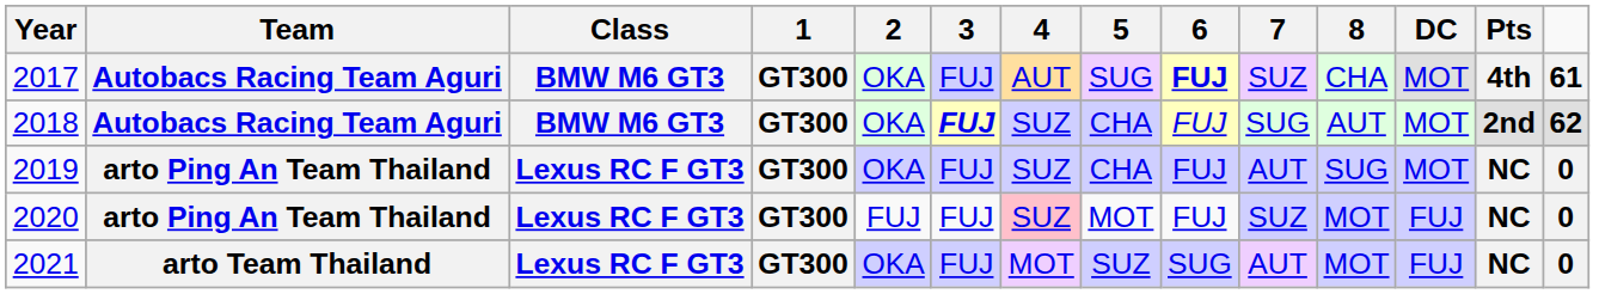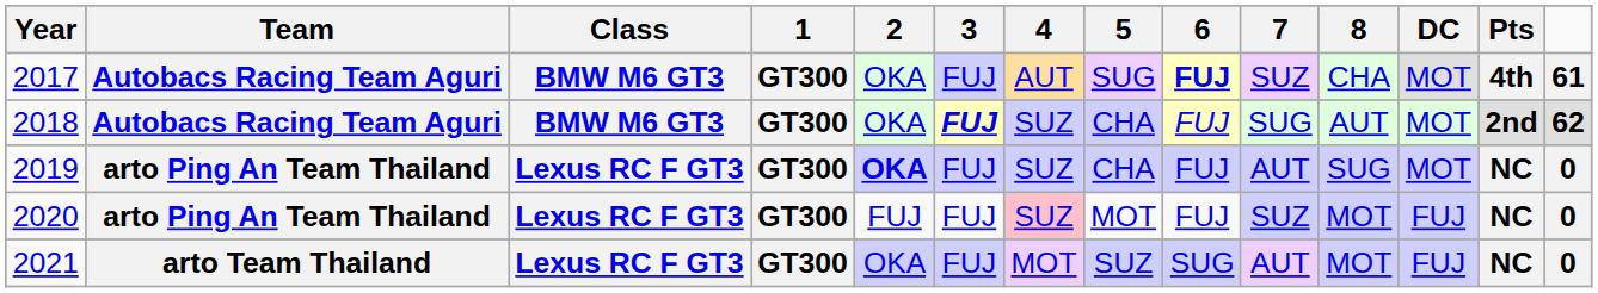 <table class="wikitable" style="text-align:center; font-size:90%">
 <tr>
 <th>Year</th>
 <th>Team</th>
 <th>Class</th>
 <th>1</th>
 <th>2</th>
 <th>3</th>
 <th>4</th>
 <th>5</th>
 <th>6</th>
 <th>7</th>
 <th>8</th>
 <th>DC</th>
 <th>Pts</th>
 </tr>
 <tr>
 <td><a href='#'>2017</a></td>
 <th><a href='#'>Autobacs Racing Team Aguri</a></th>
 <th><a href='#'>BMW M6 GT3</a></th>
 <th>GT300</th>
 <td bgcolor="#DFFFDF"><a href='#'>OKA</a><br></td>
 <td bgcolor="#CFCFFF"><a href='#'>FUJ</a><br></td>
 <td bgcolor="#FFDF9F"><a href='#'>AUT</a><br></td>
 <td bgcolor="#EFCFFF"><a href='#'>SUG</a><br></td>
 <td bgcolor="#FFFFBF"><strong><a href='#'>FUJ</a></strong><br></td>
 <td bgcolor="#EFCFFF"><a href='#'>SUZ</a><br></td>
 <td bgcolor="#DFFFDF"><a href='#'>CHA</a><br></td>
 <td bgcolor="#DFDFDF"><a href='#'>MOT</a><br></td>
 <th>4th</th>
 <th>61</th>
 </tr>
 <tr>
 <td><a href='#'>2018</a></td>
 <th><a href='#'>Autobacs Racing Team Aguri</a></th>
 <th><a href='#'>BMW M6 GT3</a></th>
 <th>GT300</th>
 <td bgcolor="#DFFFDF"><a href='#'>OKA</a><br></td>
 <td bgcolor="#FFFFBF"><strong><em><a href='#'>FUJ</a></em></strong><br></td>
 <td bgcolor="#CFCFFF"><a href='#'>SUZ</a><br></td>
 <td bgcolor="#CFCFFF"><a href='#'>CHA</a><br></td>
 <td bgcolor="#FFFFBF"><em><a href='#'>FUJ</a></em><br></td>
 <td bgcolor="#DFFFDF"><a href='#'>SUG</a><br></td>
 <td bgcolor="#DFFFDF"><a href='#'>AUT</a><br></td>
 <td bgcolor="#DFFFDF"><a href='#'>MOT</a><br></td>
 <td bgcolor="#DFDFDF"><strong>2nd</strong></td>
 <td bgcolor="#DFDFDF"><strong>62</strong></td>
 </tr>
 <tr>
 <td><a href='#'>2019</a></td>
 <th nowrap>arto <a href='#'>Ping An</a> Team Thailand</th>
 <th><a href='#'>Lexus RC F GT3</a></th>
 <th>GT300</th>
-<td bgcolor="#CFCFFF"><a href='#'>OKA</a><br></td>
+<td bgcolor="#CFCFFF"><strong><a href='#'>OKA</a><br></strong></td>
 <td bgcolor="#CFCFFF"><a href='#'>FUJ</a><br></td>
 <td bgcolor="#CFCFFF"><a href='#'>SUZ</a><br></td>
 <td bgcolor="#CFCFFF"><a href='#'>CHA</a><br></td>
 <td bgcolor="#CFCFFF"><a href='#'>FUJ</a><br></td>
 <td bgcolor="#CFCFFF"><a href='#'>AUT</a><br></td>
 <td bgcolor="#CFCFFF"><a href='#'>SUG</a><br></td>
 <td bgcolor="#CFCFFF"><a href='#'>MOT</a><br></td>
 <th>NC</th>
 <th>0</th>
 </tr>
 <tr>
 <td><a href='#'>2020</a></td>
 <th>arto <a href='#'>Ping An</a> Team Thailand</th>
 <th><a href='#'>Lexus RC F GT3</a></th>
 <th>GT300</th>
 <td><a href='#'>FUJ</a></td>
 <td><a href='#'>FUJ</a></td>
 <td style="background: pink;"><a href='#'>SUZ</a></td>
 <td><a href='#'>MOT</a></td>
 <td><a href='#'>FUJ</a></td>
 <td style="background:#CFCFFF;"><a href='#'>SUZ</a><br></td>
 <td style="background:#CFCFFF;"><a href='#'>MOT</a><br></td>
 <td style="background:#CFCFFF;"><a href='#'>FUJ</a><br></td>
 <th>NC</th>
 <th>0</th>
 </tr>
 <tr>
 <td><a href='#'>2021</a></td>
 <th nowrap>arto Team Thailand</th>
 <th><a href='#'>Lexus RC F GT3</a></th>
 <th>GT300</th>
 <td style="background:#CFCFFF;"><a href='#'>OKA</a><br></td>
 <td style="background:#CFCFFF;"><a href='#'>FUJ</a><br></td>
 <td style="background:#EFCFFF;"><a href='#'>MOT</a><br></td>
 <td style="background:#CFCFFF;"><a href='#'>SUZ</a><br></td>
 <td style="background:#CFCFFF;"><a href='#'>SUG</a><br></td>
 <td style="background:#EFCFFF;"><a href='#'>AUT</a><br></td>
 <td style="background:#CFCFFF;"><a href='#'>MOT</a><br></td>
 <td style="background:#CFCFFF;"><a href='#'>FUJ</a><br></td>
 <th>NC</th>
 <th>0</th>
 </tr>
 </table>
